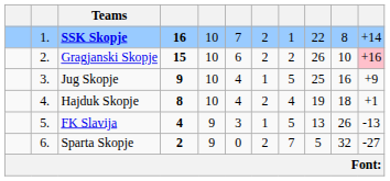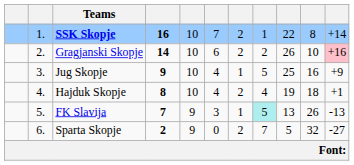 <table class="wikitable sortable" style="text-align: center; font-size: 90%;">
 <tr>
 <th width=7%></th>
 <th width=7%></th>
 <th width=27%>Teams</th>
 <th width=10%></th>
 <th width=7%></th>
 <th width=7%></th>
 <th width=7%></th>
 <th width=7%></th>
 <th width=7%></th>
 <th width=7%></th>
 <th width=7%></th>
 </tr>
 <tr style=background:#99CBFF;>
 <td></td>
 <td>1.</td>
 <td style="text-align:left;"><strong><a href='#'> SSK Skopje</a></strong></td>
 <td><strong>16</strong></td>
 <td>10</td>
 <td>7</td>
 <td>2</td>
 <td>1</td>
 <td>22</td>
 <td>8</td>
 <td>+14</td>
 </tr>
 <tr>
 <td></td>
 <td>2.</td>
 <td style="text-align:left;"><a href='#'>Gragjanski Skopje</a></td>
-<td><strong>15</strong></td>
+<td><strong>14</strong></td>
 <td>10</td>
 <td>6</td>
 <td>2</td>
 <td>2</td>
 <td>26</td>
 <td>10</td>
 <td style="background: pink;">+16</td>
 </tr>
 <tr>
 <td></td>
 <td>3.</td>
 <td style="text-align:left;">Jug Skopje</td>
 <td><strong>9</strong></td>
 <td>10</td>
 <td>4</td>
 <td>1</td>
 <td>5</td>
 <td>25</td>
 <td>16</td>
 <td>+9</td>
 </tr>
 <tr>
 <td></td>
 <td>4.</td>
 <td style="text-align:left;">Hajduk Skopje</td>
 <td><strong>8</strong></td>
 <td>10</td>
 <td>4</td>
 <td>2</td>
 <td>4</td>
 <td>19</td>
 <td>18</td>
 <td>+1</td>
 </tr>
 <tr>
 <td></td>
 <td>5.</td>
 <td style="text-align:left;"><a href='#'> FK Slavija</a></td>
-<td><strong>4</strong></td>
+<td><strong>7</strong></td>
 <td>9</td>
 <td>3</td>
 <td>1</td>
-<td>5</td>
+<td style="background: paleturquoise;">5</td>
 <td>13</td>
 <td>26</td>
 <td>-13</td>
 </tr>
 <tr>
 <td></td>
 <td>6.</td>
 <td style="text-align:left;">Sparta Skopje</td>
 <td><strong>2</strong></td>
 <td>9</td>
 <td>0</td>
 <td>2</td>
 <td>7</td>
 <td>5</td>
 <td>32</td>
 <td>-27</td>
 </tr>
 <tr>
 <th colspan="11" style="text-align: right;">Font: </th>
 </tr>
 </table>
